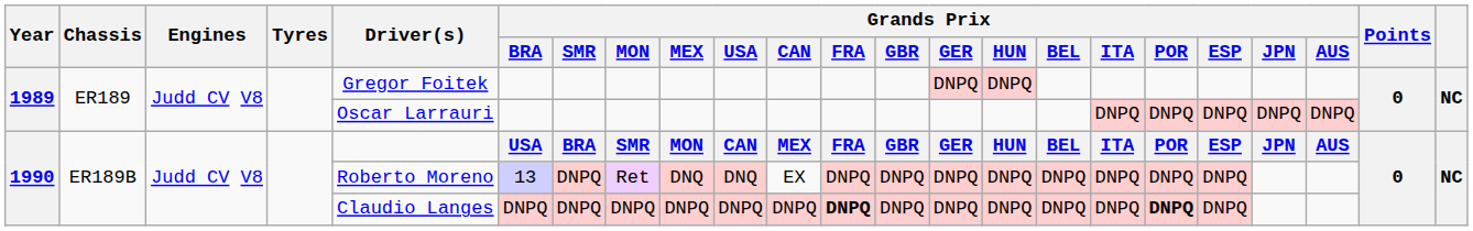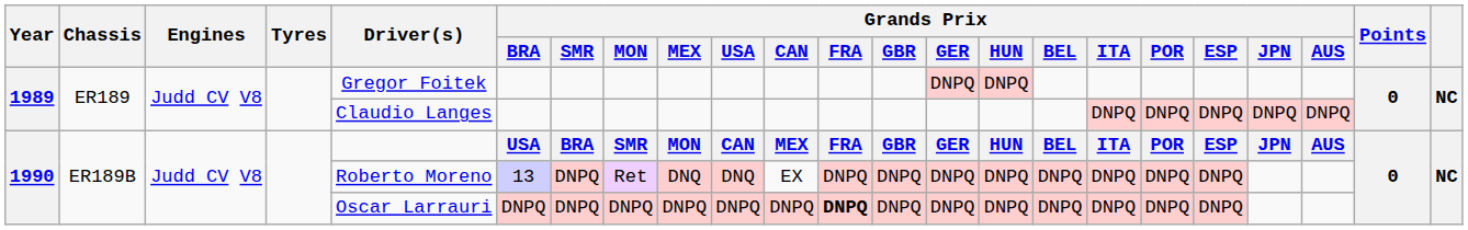 <table class="wikitable" style="text-align:center; font-size:90%">
 <tr>
 <th rowspan="2">Year</th>
 <th rowspan="2">Chassis</th>
 <th rowspan="2">Engines</th>
 <th rowspan="2">Tyres</th>
 <th rowspan="2">Driver(s)</th>
 <th colspan="16">Grands Prix</th>
 <th rowspan="2"><a href='#'>Points</a></th>
 <th rowspan="2"></th>
 </tr>
 <tr>
 <th><a href='#'>BRA</a></th>
 <th><a href='#'>SMR</a></th>
 <th><a href='#'>MON</a></th>
 <th><a href='#'>MEX</a></th>
 <th><a href='#'>USA</a></th>
 <th><a href='#'>CAN</a></th>
 <th><a href='#'>FRA</a></th>
 <th><a href='#'>GBR</a></th>
 <th><a href='#'>GER</a></th>
 <th><a href='#'>HUN</a></th>
 <th><a href='#'>BEL</a></th>
 <th><a href='#'>ITA</a></th>
 <th><a href='#'>POR</a></th>
 <th><a href='#'>ESP</a></th>
 <th><a href='#'>JPN</a></th>
 <th><a href='#'>AUS</a></th>
 </tr>
 <tr>
 <th rowspan="2"><a href='#'>1989</a></th>
 <td rowspan="2">ER189</td>
 <td rowspan="2"><a href='#'>Judd CV</a> <a href='#'>V8</a></td>
 <td rowspan="2"></td>
 <td> <a href='#'>Gregor Foitek</a></td>
 <td></td>
 <td></td>
 <td></td>
 <td></td>
 <td></td>
 <td></td>
 <td></td>
 <td></td>
 <td style="background:#FFCFCF;">DNPQ</td>
 <td style="background:#FFCFCF;">DNPQ</td>
 <td></td>
 <td></td>
 <td></td>
 <td></td>
 <td></td>
 <td></td>
 <th rowspan="2">0</th>
 <th rowspan="2">NC</th>
 </tr>
 <tr>
-<td> <a href='#'>Oscar Larrauri</a></td>
+<td> <a href='#'>Claudio Langes</a></td>
 <td></td>
 <td></td>
 <td></td>
 <td></td>
 <td></td>
 <td></td>
 <td></td>
 <td></td>
 <td></td>
 <td></td>
 <td></td>
 <td style="background:#FFCFCF;">DNPQ</td>
 <td style="background:#FFCFCF;">DNPQ</td>
 <td style="background:#FFCFCF;">DNPQ</td>
 <td style="background:#FFCFCF;">DNPQ</td>
 <td style="background:#FFCFCF;">DNPQ</td>
 </tr>
 <tr>
 <th rowspan="3"><a href='#'>1990</a></th>
 <td rowspan="3">ER189B</td>
 <td rowspan="3"><a href='#'>Judd CV</a> <a href='#'>V8</a></td>
 <td rowspan="3"></td>
 <td></td>
 <th><a href='#'>USA</a></th>
 <th><a href='#'>BRA</a></th>
 <th><a href='#'>SMR</a></th>
 <th><a href='#'>MON</a></th>
 <th><a href='#'>CAN</a></th>
 <th><a href='#'>MEX</a></th>
 <th><a href='#'>FRA</a></th>
 <th><a href='#'>GBR</a></th>
 <th><a href='#'>GER</a></th>
 <th><a href='#'>HUN</a></th>
 <th><a href='#'>BEL</a></th>
 <th><a href='#'>ITA</a></th>
 <th><a href='#'>POR</a></th>
 <th><a href='#'>ESP</a></th>
 <th><a href='#'>JPN</a></th>
 <th><a href='#'>AUS</a></th>
 <th rowspan="3">0</th>
 <th rowspan="3">NC</th>
 </tr>
 <tr>
 <td> <a href='#'>Roberto Moreno</a></td>
 <td style="background:#CFCFFF;">13</td>
 <td style="background:#FFCFCF;">DNPQ</td>
 <td style="background:#EFCFFF;">Ret</td>
 <td style="background:#FFCFCF;">DNQ</td>
 <td style="background:#FFCFCF;">DNQ</td>
 <td>EX</td>
 <td style="background:#FFCFCF;">DNPQ</td>
 <td style="background:#FFCFCF;">DNPQ</td>
 <td style="background:#FFCFCF;">DNPQ</td>
 <td style="background:#FFCFCF;">DNPQ</td>
 <td style="background:#FFCFCF;">DNPQ</td>
 <td style="background:#FFCFCF;">DNPQ</td>
 <td style="background:#FFCFCF;">DNPQ</td>
 <td style="background:#FFCFCF;">DNPQ</td>
 <td></td>
 <td></td>
 </tr>
 <tr>
-<td> <a href='#'>Claudio Langes</a></td>
+<td> <a href='#'>Oscar Larrauri</a></td>
 <td style="background:#FFCFCF;">DNPQ</td>
 <td style="background:#FFCFCF;">DNPQ</td>
 <td style="background:#FFCFCF;">DNPQ</td>
 <td style="background:#FFCFCF;">DNPQ</td>
 <td style="background:#FFCFCF;">DNPQ</td>
 <td style="background:#FFCFCF;">DNPQ</td>
 <td style="background:#FFCFCF;"><strong>DNPQ</strong></td>
 <td style="background:#FFCFCF;">DNPQ</td>
 <td style="background:#FFCFCF;">DNPQ</td>
 <td style="background:#FFCFCF;">DNPQ</td>
 <td style="background:#FFCFCF;">DNPQ</td>
 <td style="background:#FFCFCF;">DNPQ</td>
-<td style="background:#FFCFCF;"><strong>DNPQ</strong></td>
+<td style="background:#FFCFCF;">DNPQ</td>
 <td style="background:#FFCFCF;">DNPQ</td>
 <td></td>
 <td></td>
 </tr>
 </table>
